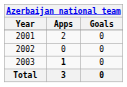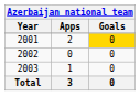 <table class="wikitable" style="text-align:center">
 <tr>
 <th colspan=3><a href='#'>Azerbaijan national team</a></th>
 </tr>
 <tr>
 <th>Year</th>
 <th>Apps</th>
 <th>Goals</th>
 </tr>
 <tr>
 </tr>
 <tr>
 <td>2001</td>
 <td>2</td>
-<td>0</td>
+<td style="background: gold;">0</td>
 </tr>
 <tr>
 <td>2002</td>
 <td>0</td>
 <td>0</td>
 </tr>
 <tr>
 <td>2003</td>
-<td><strong>1</strong></td>
+<td>1</td>
 <td>0</td>
 </tr>
 <tr>
 <th>Total</th>
 <th>3</th>
 <th>0</th>
 </tr>
 </table>
